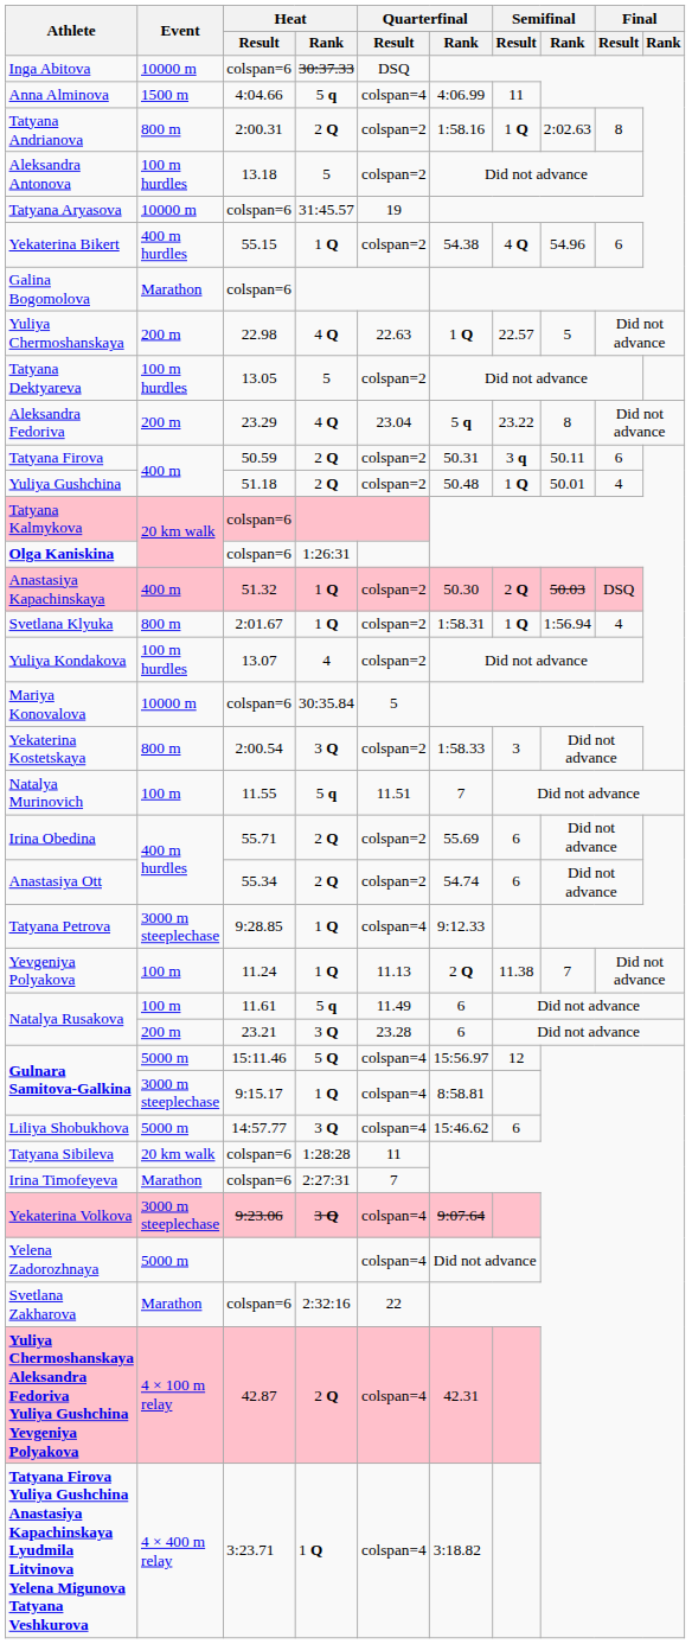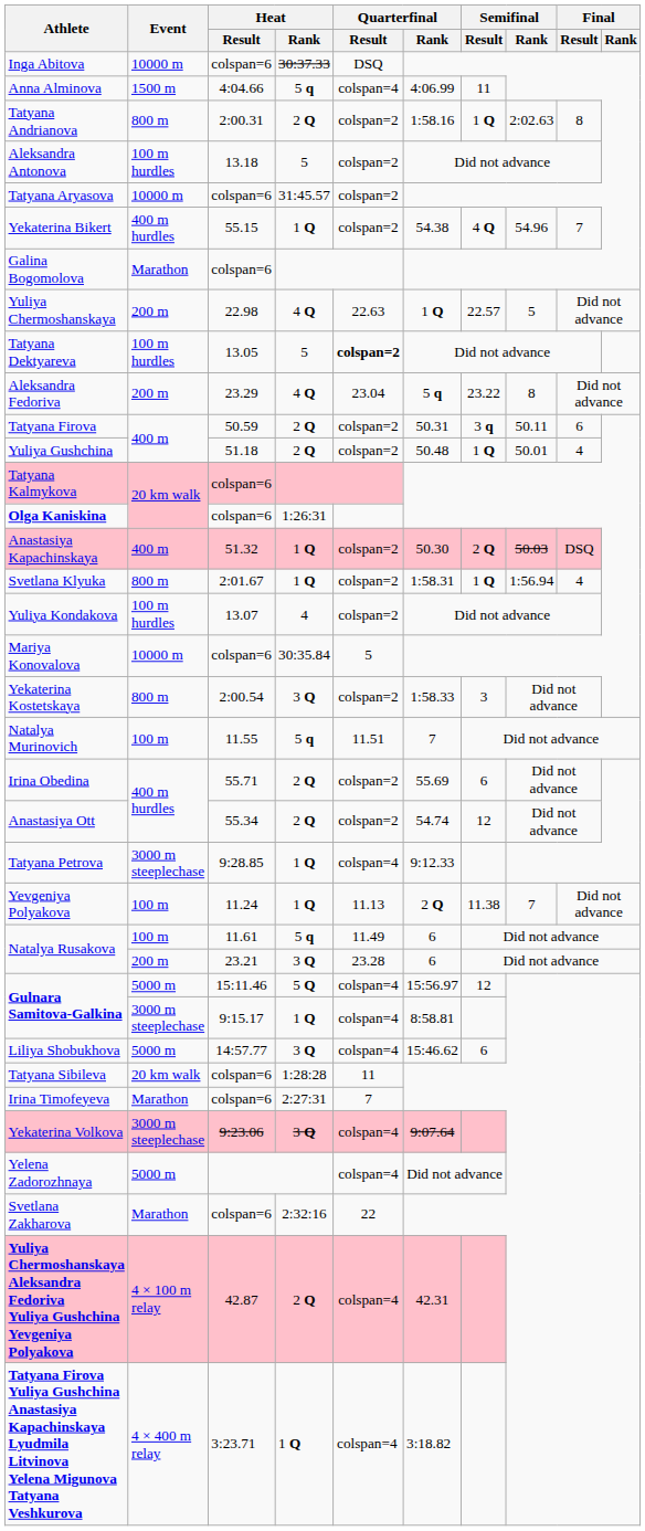 <table class=wikitable style="font-size:90%">
 <tr>
 <th rowspan="2">Athlete</th>
 <th rowspan="2">Event</th>
 <th colspan="2">Heat</th>
 <th colspan="2">Quarterfinal</th>
 <th colspan="2">Semifinal</th>
 <th colspan="2">Final</th>
 </tr>
 <tr style="font-size:95%">
 <th>Result</th>
 <th>Rank</th>
 <th>Result</th>
 <th>Rank</th>
 <th>Result</th>
 <th>Rank</th>
 <th>Result</th>
 <th>Rank</th>
 </tr>
 <tr align=center>
 <td align=left><a href='#'>Inga Abitova</a></td>
 <td align=left><a href='#'>10000 m</a></td>
 <td>colspan=6 </td>
 <td><s>30:37.33</s></td>
 <td>DSQ</td>
 </tr>
 <tr align=center>
 <td align=left><a href='#'>Anna Alminova</a></td>
 <td align=left><a href='#'>1500 m</a></td>
 <td>4:04.66</td>
 <td>5 <strong>q</strong></td>
 <td>colspan=4 </td>
 <td>4:06.99</td>
 <td>11</td>
 </tr>
 <tr align=center>
 <td align=left><a href='#'>Tatyana Andrianova</a></td>
 <td align=left><a href='#'>800 m</a></td>
 <td>2:00.31</td>
 <td>2 <strong>Q</strong></td>
 <td>colspan=2 </td>
 <td>1:58.16</td>
 <td>1 <strong>Q</strong></td>
 <td>2:02.63</td>
 <td>8</td>
 </tr>
 <tr align=center>
 <td align=left><a href='#'>Aleksandra Antonova</a></td>
 <td align=left><a href='#'>100 m hurdles</a></td>
 <td>13.18</td>
 <td>5</td>
 <td>colspan=2 </td>
 <td colspan=4>Did not advance</td>
 </tr>
 <tr align=center>
 <td align=left><a href='#'>Tatyana Aryasova</a></td>
 <td align=left><a href='#'>10000 m</a></td>
 <td>colspan=6 </td>
 <td>31:45.57</td>
-<td>19</td>
+<td>colspan=2 </td>
 </tr>
 <tr align=center>
 <td align=left><a href='#'>Yekaterina Bikert</a></td>
 <td align=left><a href='#'>400 m hurdles</a></td>
 <td>55.15</td>
 <td>1 <strong>Q</strong></td>
 <td>colspan=2 </td>
 <td>54.38</td>
 <td>4 <strong>Q</strong></td>
 <td>54.96</td>
-<td>6</td>
+<td>7</td>
 </tr>
 <tr align=center>
 <td align=left><a href='#'>Galina Bogomolova</a></td>
 <td align=left><a href='#'>Marathon</a></td>
 <td>colspan=6 </td>
 <td colspan=2></td>
 </tr>
 <tr align=center>
 <td align=left><a href='#'>Yuliya Chermoshanskaya</a></td>
 <td align=left><a href='#'>200 m</a></td>
 <td>22.98</td>
 <td>4 <strong>Q</strong></td>
 <td>22.63</td>
 <td>1 <strong>Q</strong></td>
 <td>22.57</td>
 <td>5</td>
 <td colspan=2>Did not advance</td>
 </tr>
 <tr align=center>
 <td align=left><a href='#'>Tatyana Dektyareva</a></td>
 <td align=left><a href='#'>100 m hurdles</a></td>
 <td>13.05</td>
 <td>5</td>
-<td>colspan=2 </td>
+<td><strong>colspan=2 </strong></td>
 <td colspan=4>Did not advance</td>
 </tr>
 <tr align=center>
 <td align=left><a href='#'>Aleksandra Fedoriva</a></td>
 <td align=left><a href='#'>200 m</a></td>
 <td>23.29</td>
 <td>4 <strong>Q</strong></td>
 <td>23.04</td>
 <td>5 <strong>q</strong></td>
 <td>23.22</td>
 <td>8</td>
 <td colspan=2>Did not advance</td>
 </tr>
 <tr align=center>
 <td align=left><a href='#'>Tatyana Firova</a></td>
 <td align=left rowspan=2><a href='#'>400 m</a></td>
 <td>50.59</td>
 <td>2 <strong>Q</strong></td>
 <td>colspan=2 </td>
 <td>50.31</td>
 <td>3 <strong>q</strong></td>
 <td>50.11</td>
 <td>6</td>
 </tr>
 <tr align=center>
 <td align=left><a href='#'>Yuliya Gushchina</a></td>
 <td>51.18</td>
 <td>2 <strong>Q</strong></td>
 <td>colspan=2 </td>
 <td>50.48</td>
 <td>1 <strong>Q</strong></td>
 <td>50.01</td>
 <td>4</td>
 </tr>
 <tr align=center bgcolor="pink">
 <td align=left><a href='#'>Tatyana Kalmykova</a></td>
 <td align=left rowspan=2><a href='#'>20 km walk</a></td>
 <td>colspan=6 </td>
 <td colspan=2></td>
 </tr>
 <tr align=center>
 <td align=left><strong><a href='#'>Olga Kaniskina</a></strong></td>
 <td>colspan=6 </td>
 <td>1:26:31 </td>
 <td></td>
 </tr>
 <tr align=center bgcolor="pink">
 <td align=left><a href='#'>Anastasiya Kapachinskaya</a></td>
 <td align=left><a href='#'>400 m</a></td>
 <td>51.32</td>
 <td>1 <strong>Q</strong></td>
 <td>colspan=2 </td>
 <td>50.30</td>
 <td>2 <strong>Q</strong></td>
 <td><s>50.03</s></td>
 <td>DSQ</td>
 </tr>
 <tr align=center>
 <td align=left><a href='#'>Svetlana Klyuka</a></td>
 <td align=left><a href='#'>800 m</a></td>
 <td>2:01.67</td>
 <td>1 <strong>Q</strong></td>
 <td>colspan=2 </td>
 <td>1:58.31</td>
 <td>1 <strong>Q</strong></td>
 <td>1:56.94</td>
 <td>4</td>
 </tr>
 <tr align=center>
 <td align=left><a href='#'>Yuliya Kondakova</a></td>
 <td align=left><a href='#'>100 m hurdles</a></td>
 <td>13.07</td>
 <td>4</td>
 <td>colspan=2 </td>
 <td colspan=4>Did not advance</td>
 </tr>
 <tr align=center>
 <td align=left><a href='#'>Mariya Konovalova</a></td>
 <td align=left><a href='#'>10000 m</a></td>
 <td>colspan=6 </td>
 <td>30:35.84</td>
 <td>5</td>
 </tr>
 <tr align=center>
 <td align=left><a href='#'>Yekaterina Kostetskaya</a></td>
 <td align=left><a href='#'>800 m</a></td>
 <td>2:00.54</td>
 <td>3 <strong>Q</strong></td>
 <td>colspan=2 </td>
 <td>1:58.33</td>
 <td>3</td>
 <td colspan=2>Did not advance</td>
 </tr>
 <tr align=center>
 <td align=left><a href='#'>Natalya Murinovich</a></td>
 <td align=left><a href='#'>100 m</a></td>
 <td>11.55</td>
 <td>5 <strong>q</strong></td>
 <td>11.51</td>
 <td>7</td>
 <td colspan=4>Did not advance</td>
 </tr>
 <tr align=center>
 <td align=left><a href='#'>Irina Obedina</a></td>
 <td align=left rowspan=2><a href='#'>400 m hurdles</a></td>
 <td>55.71</td>
 <td>2 <strong>Q</strong></td>
 <td>colspan=2 </td>
 <td>55.69</td>
 <td>6</td>
 <td colspan=2>Did not advance</td>
 </tr>
 <tr align=center>
 <td align=left><a href='#'>Anastasiya Ott</a></td>
 <td>55.34</td>
 <td>2 <strong>Q</strong></td>
 <td>colspan=2 </td>
 <td>54.74</td>
-<td>6</td>
+<td>12</td>
 <td colspan=2>Did not advance</td>
 </tr>
 <tr align=center>
 <td align=left><a href='#'>Tatyana Petrova</a></td>
 <td align=left><a href='#'>3000 m steeplechase</a></td>
 <td>9:28.85</td>
 <td>1 <strong>Q</strong></td>
 <td>colspan=4 </td>
 <td>9:12.33</td>
 <td></td>
 </tr>
 <tr align=center>
 <td align=left><a href='#'>Yevgeniya Polyakova</a></td>
 <td align=left><a href='#'>100 m</a></td>
 <td>11.24</td>
 <td>1 <strong>Q</strong></td>
 <td>11.13</td>
 <td>2 <strong>Q</strong></td>
 <td>11.38</td>
 <td>7</td>
 <td colspan=2>Did not advance</td>
 </tr>
 <tr align=center>
 <td align=left rowspan=2><a href='#'>Natalya Rusakova</a></td>
 <td align=left><a href='#'>100 m</a></td>
 <td>11.61</td>
 <td>5 <strong>q</strong></td>
 <td>11.49</td>
 <td>6</td>
 <td colspan=4>Did not advance</td>
 </tr>
 <tr align=center>
 <td align=left><a href='#'>200 m</a></td>
 <td>23.21</td>
 <td>3 <strong>Q</strong></td>
 <td>23.28</td>
 <td>6</td>
 <td colspan=4>Did not advance</td>
 </tr>
 <tr align=center>
 <td align=left rowspan=2><strong><a href='#'>Gulnara Samitova-Galkina</a></strong></td>
 <td align=left><a href='#'>5000 m</a></td>
 <td>15:11.46</td>
 <td>5 <strong>Q</strong></td>
 <td>colspan=4 </td>
 <td>15:56.97</td>
 <td>12</td>
 </tr>
 <tr align=center>
 <td align=left><a href='#'>3000 m steeplechase</a></td>
 <td>9:15.17</td>
 <td>1 <strong>Q</strong></td>
 <td>colspan=4 </td>
 <td>8:58.81 </td>
 <td></td>
 </tr>
 <tr align=center>
 <td align=left><a href='#'>Liliya Shobukhova</a></td>
 <td align=left><a href='#'>5000 m</a></td>
 <td>14:57.77</td>
 <td>3 <strong>Q</strong></td>
 <td>colspan=4 </td>
 <td>15:46.62</td>
 <td>6</td>
 </tr>
 <tr align=center>
 <td align=left><a href='#'>Tatyana Sibileva</a></td>
 <td align=left><a href='#'>20 km walk</a></td>
 <td>colspan=6 </td>
 <td>1:28:28</td>
 <td>11</td>
 </tr>
 <tr align=center>
 <td align=left><a href='#'>Irina Timofeyeva</a></td>
 <td align=left><a href='#'>Marathon</a></td>
 <td>colspan=6 </td>
 <td>2:27:31</td>
 <td>7</td>
 </tr>
 <tr align=center bgcolor="pink">
 <td align=left><a href='#'>Yekaterina Volkova</a></td>
 <td align=left><a href='#'>3000 m steeplechase</a></td>
 <td><s>9:23.06</s></td>
 <td><s>3 <strong>Q</strong></s></td>
 <td>colspan=4 </td>
 <td><s>9:07.64</s></td>
 <td></td>
 </tr>
 <tr align=center>
 <td align=left><a href='#'>Yelena Zadorozhnaya</a></td>
 <td align=left><a href='#'>5000 m</a></td>
 <td colspan=2></td>
 <td>colspan=4 </td>
 <td colspan=2>Did not advance</td>
 </tr>
 <tr align=center>
 <td align=left><a href='#'>Svetlana Zakharova</a></td>
 <td align=left><a href='#'>Marathon</a></td>
 <td>colspan=6 </td>
 <td>2:32:16</td>
 <td>22</td>
 </tr>
 <tr align=center bgcolor="pink">
 <td align=left><strong><a href='#'>Yuliya Chermoshanskaya</a><br><a href='#'>Aleksandra Fedoriva</a><br><a href='#'>Yuliya Gushchina</a><br><a href='#'>Yevgeniya Polyakova</a></strong></td>
 <td align=left><a href='#'>4 × 100 m relay</a></td>
 <td>42.87</td>
 <td>2 <strong>Q</strong></td>
 <td>colspan=4 </td>
 <td>42.31</td>
 <td></td>
 </tr>
 <tr>
 <td align=left><strong><a href='#'>Tatyana Firova</a><br><a href='#'>Yuliya Gushchina</a><br><a href='#'>Anastasiya Kapachinskaya</a><br><a href='#'>Lyudmila Litvinova</a><br><a href='#'>Yelena Migunova</a><br><a href='#'>Tatyana Veshkurova</a></strong></td>
 <td align=left><a href='#'>4 × 400 m relay</a></td>
 <td>3:23.71</td>
 <td>1 <strong>Q</strong></td>
 <td>colspan=4 </td>
 <td>3:18.82</td>
 <td></td>
 </tr>
 </table>
